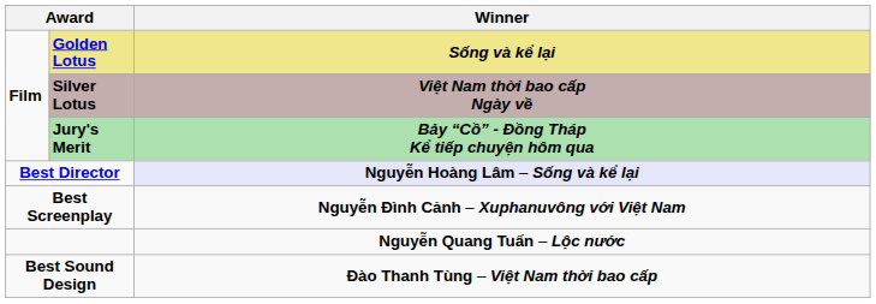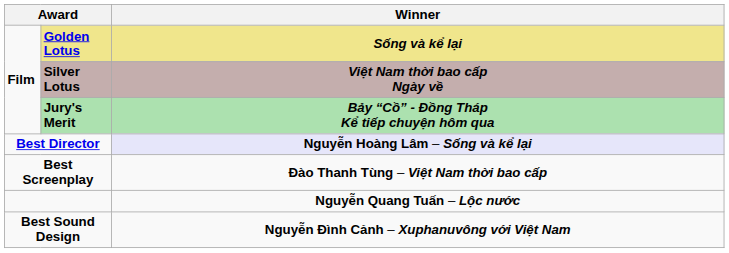 <table class=wikitable>
 <tr>
 <th width="12%" colspan="2">Award</th>
 <th width="76%">Winner</th>
 </tr>
 <tr>
 <td rowspan="3"><strong>Film</strong></td>
 <td style="background:#F0E68C"><strong><a href='#'>Golden Lotus</a></strong></td>
 <td style="background:#F0E68C" align=center><strong><em>Sống và kể lại</em></strong></td>
 </tr>
 <tr>
 <td style="background:#C4AEAD"><strong>Silver Lotus</strong></td>
 <td style="background:#C4AEAD" align=center><strong><em>Việt Nam thời bao cấp</em></strong><br><strong><em>Ngày về</em></strong></td>
 </tr>
 <tr>
 <td style="background:#ACE1AF"><strong>Jury's Merit</strong></td>
 <td style="background:#ACE1AF" align=center><strong><em>Bảy “Cồ” - Đồng Tháp</em></strong><br><strong><em>Kể tiếp chuyện hôm qua</em></strong></td>
 </tr>
 <tr>
 <td colspan="2" align=center><strong><a href='#'>Best Director</a></strong></td>
 <td align=center style="background: lavender;"><strong>Nguyễn Hoàng Lâm</strong> – <strong><em>Sống và kể lại</em></strong></td>
 </tr>
 <tr>
 <td colspan="2" align=center><strong>Best Screenplay</strong></td>
-<td align=center><strong>Nguyễn Đình Cảnh</strong> – <strong><em>Xuphanuvông với Việt Nam</em></strong></td>
+<td align=center><strong>Đào Thanh Tùng</strong> – <strong><em>Việt Nam thời bao cấp</em></strong></td>
 </tr>
 <tr>
 <td colspan="2" align=center><strong></strong></td>
 <td align=center><strong>Nguyễn Quang Tuấn</strong> – <strong><em>Lộc nước</em></strong></td>
 </tr>
 <tr>
 <td colspan="2" align=center><strong>Best Sound Design</strong></td>
-<td align=center><strong>Đào Thanh Tùng</strong> – <strong><em>Việt Nam thời bao cấp</em></strong></td>
+<td align=center><strong>Nguyễn Đình Cảnh</strong> – <strong><em>Xuphanuvông với Việt Nam</em></strong></td>
 </tr>
 </table>
